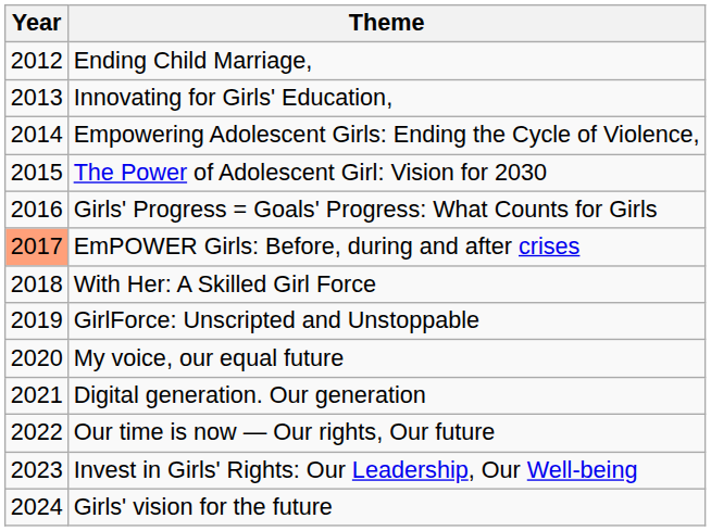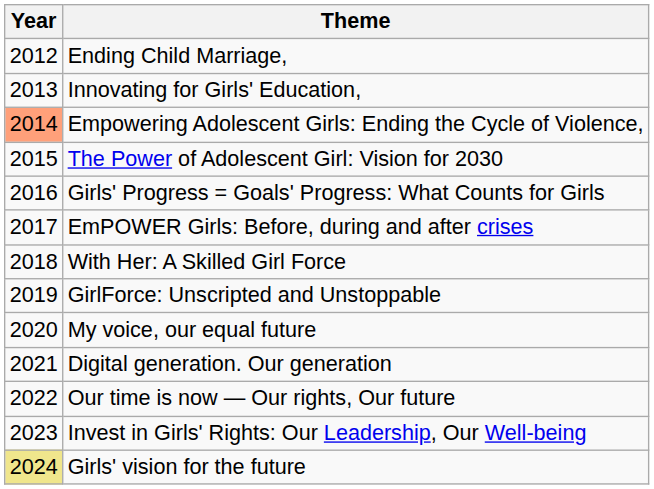 <table class="wikitable">
 <tr>
 <th>Year</th>
 <th>Theme</th>
 </tr>
 <tr>
 <td>2012</td>
 <td>Ending Child Marriage,</td>
 </tr>
 <tr>
 <td>2013</td>
 <td>Innovating for Girls' Education,</td>
 </tr>
 <tr>
-<td>2014</td>
+<td style="background: lightsalmon;">2014</td>
 <td>Empowering Adolescent Girls: Ending the Cycle of Violence, </td>
 </tr>
 <tr>
 <td>2015</td>
 <td><a href='#'>The Power</a> of Adolescent Girl: Vision for 2030</td>
 </tr>
 <tr>
 <td>2016</td>
 <td>Girls' Progress = Goals' Progress: What Counts for Girls</td>
 </tr>
 <tr>
-<td style="background: lightsalmon;">2017</td>
+<td>2017</td>
 <td>EmPOWER Girls: Before, during and after <a href='#'>crises</a></td>
 </tr>
 <tr>
 <td>2018</td>
 <td>With Her: A Skilled Girl Force</td>
 </tr>
 <tr>
 <td>2019</td>
 <td>GirlForce: Unscripted and Unstoppable</td>
 </tr>
 <tr>
 <td>2020</td>
 <td>My voice, our equal future</td>
 </tr>
 <tr>
 <td>2021</td>
 <td>Digital generation. Our generation</td>
 </tr>
 <tr>
 <td>2022</td>
 <td>Our time is now — Our rights, Our future</td>
 </tr>
 <tr>
 <td>2023</td>
 <td>Invest in Girls' Rights: Our <a href='#'>Leadership</a>, Our <a href='#'>Well-being</a></td>
 </tr>
 <tr>
-<td>2024</td>
+<td style="background: khaki;">2024</td>
 <td>Girls' vision for the future</td>
 </tr>
 </table>
